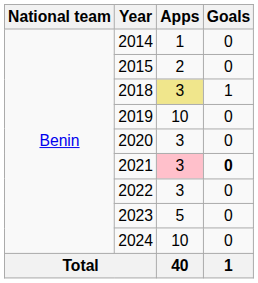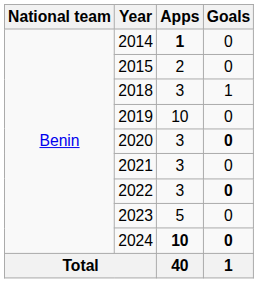 <table class=wikitable style="text-align: center">
 <tr>
 <th>National team</th>
 <th>Year</th>
 <th>Apps</th>
 <th>Goals</th>
 </tr>
 <tr>
 <td rowspan="9"><a href='#'>Benin</a></td>
 <td>2014</td>
-<td>1</td>
+<td><strong>1</strong></td>
 <td>0</td>
 </tr>
 <tr>
 <td>2015</td>
 <td>2</td>
 <td>0</td>
 </tr>
 <tr>
 <td>2018</td>
-<td style="background: khaki;">3</td>
+<td>3</td>
 <td>1</td>
 </tr>
 <tr>
 <td>2019</td>
 <td>10</td>
 <td>0</td>
 </tr>
 <tr>
 <td>2020</td>
 <td>3</td>
-<td>0</td>
+<td><strong>0</strong></td>
 </tr>
 <tr>
 <td>2021</td>
-<td style="background: pink;">3</td>
-<td><strong>0</strong></td>
+<td>3</td>
+<td>0</td>
 </tr>
 <tr>
 <td>2022</td>
 <td>3</td>
-<td>0</td>
+<td><strong>0</strong></td>
 </tr>
 <tr>
 <td>2023</td>
 <td>5</td>
 <td>0</td>
 </tr>
 <tr>
 <td>2024</td>
-<td>10</td>
-<td>0</td>
+<td><strong>10</strong></td>
+<td><strong>0</strong></td>
 </tr>
 <tr>
 <th colspan="2">Total</th>
 <th>40</th>
 <th>1</th>
 </tr>
 </table>
